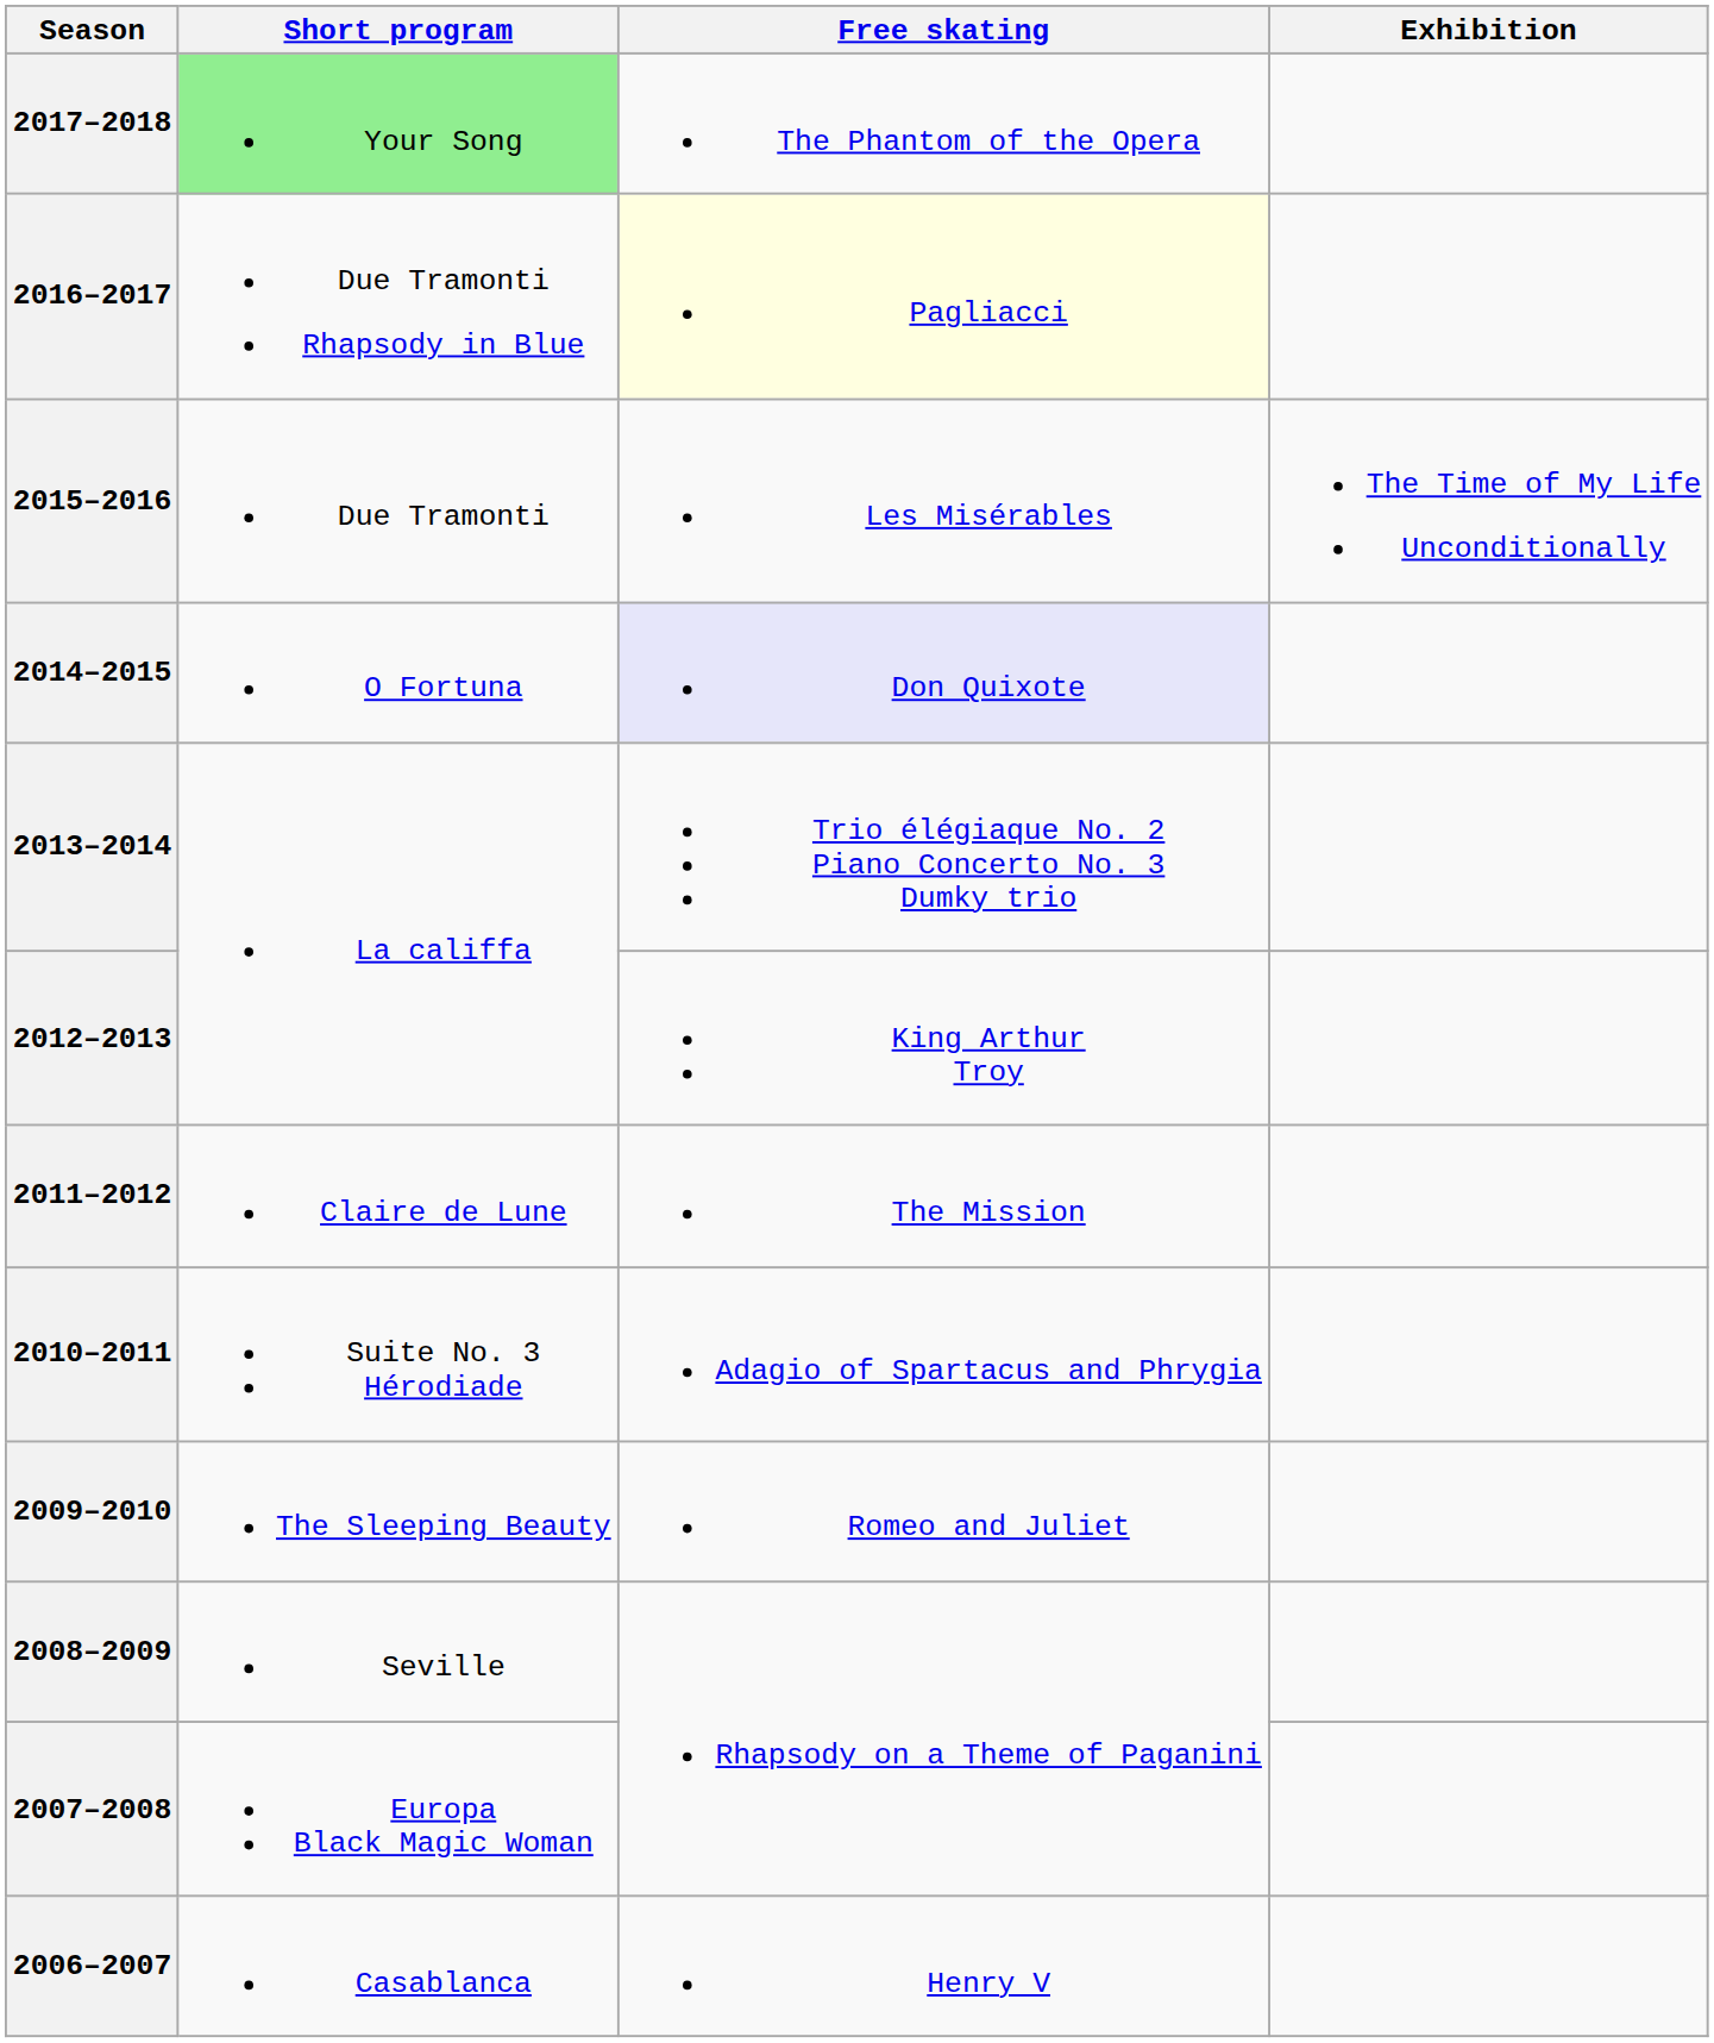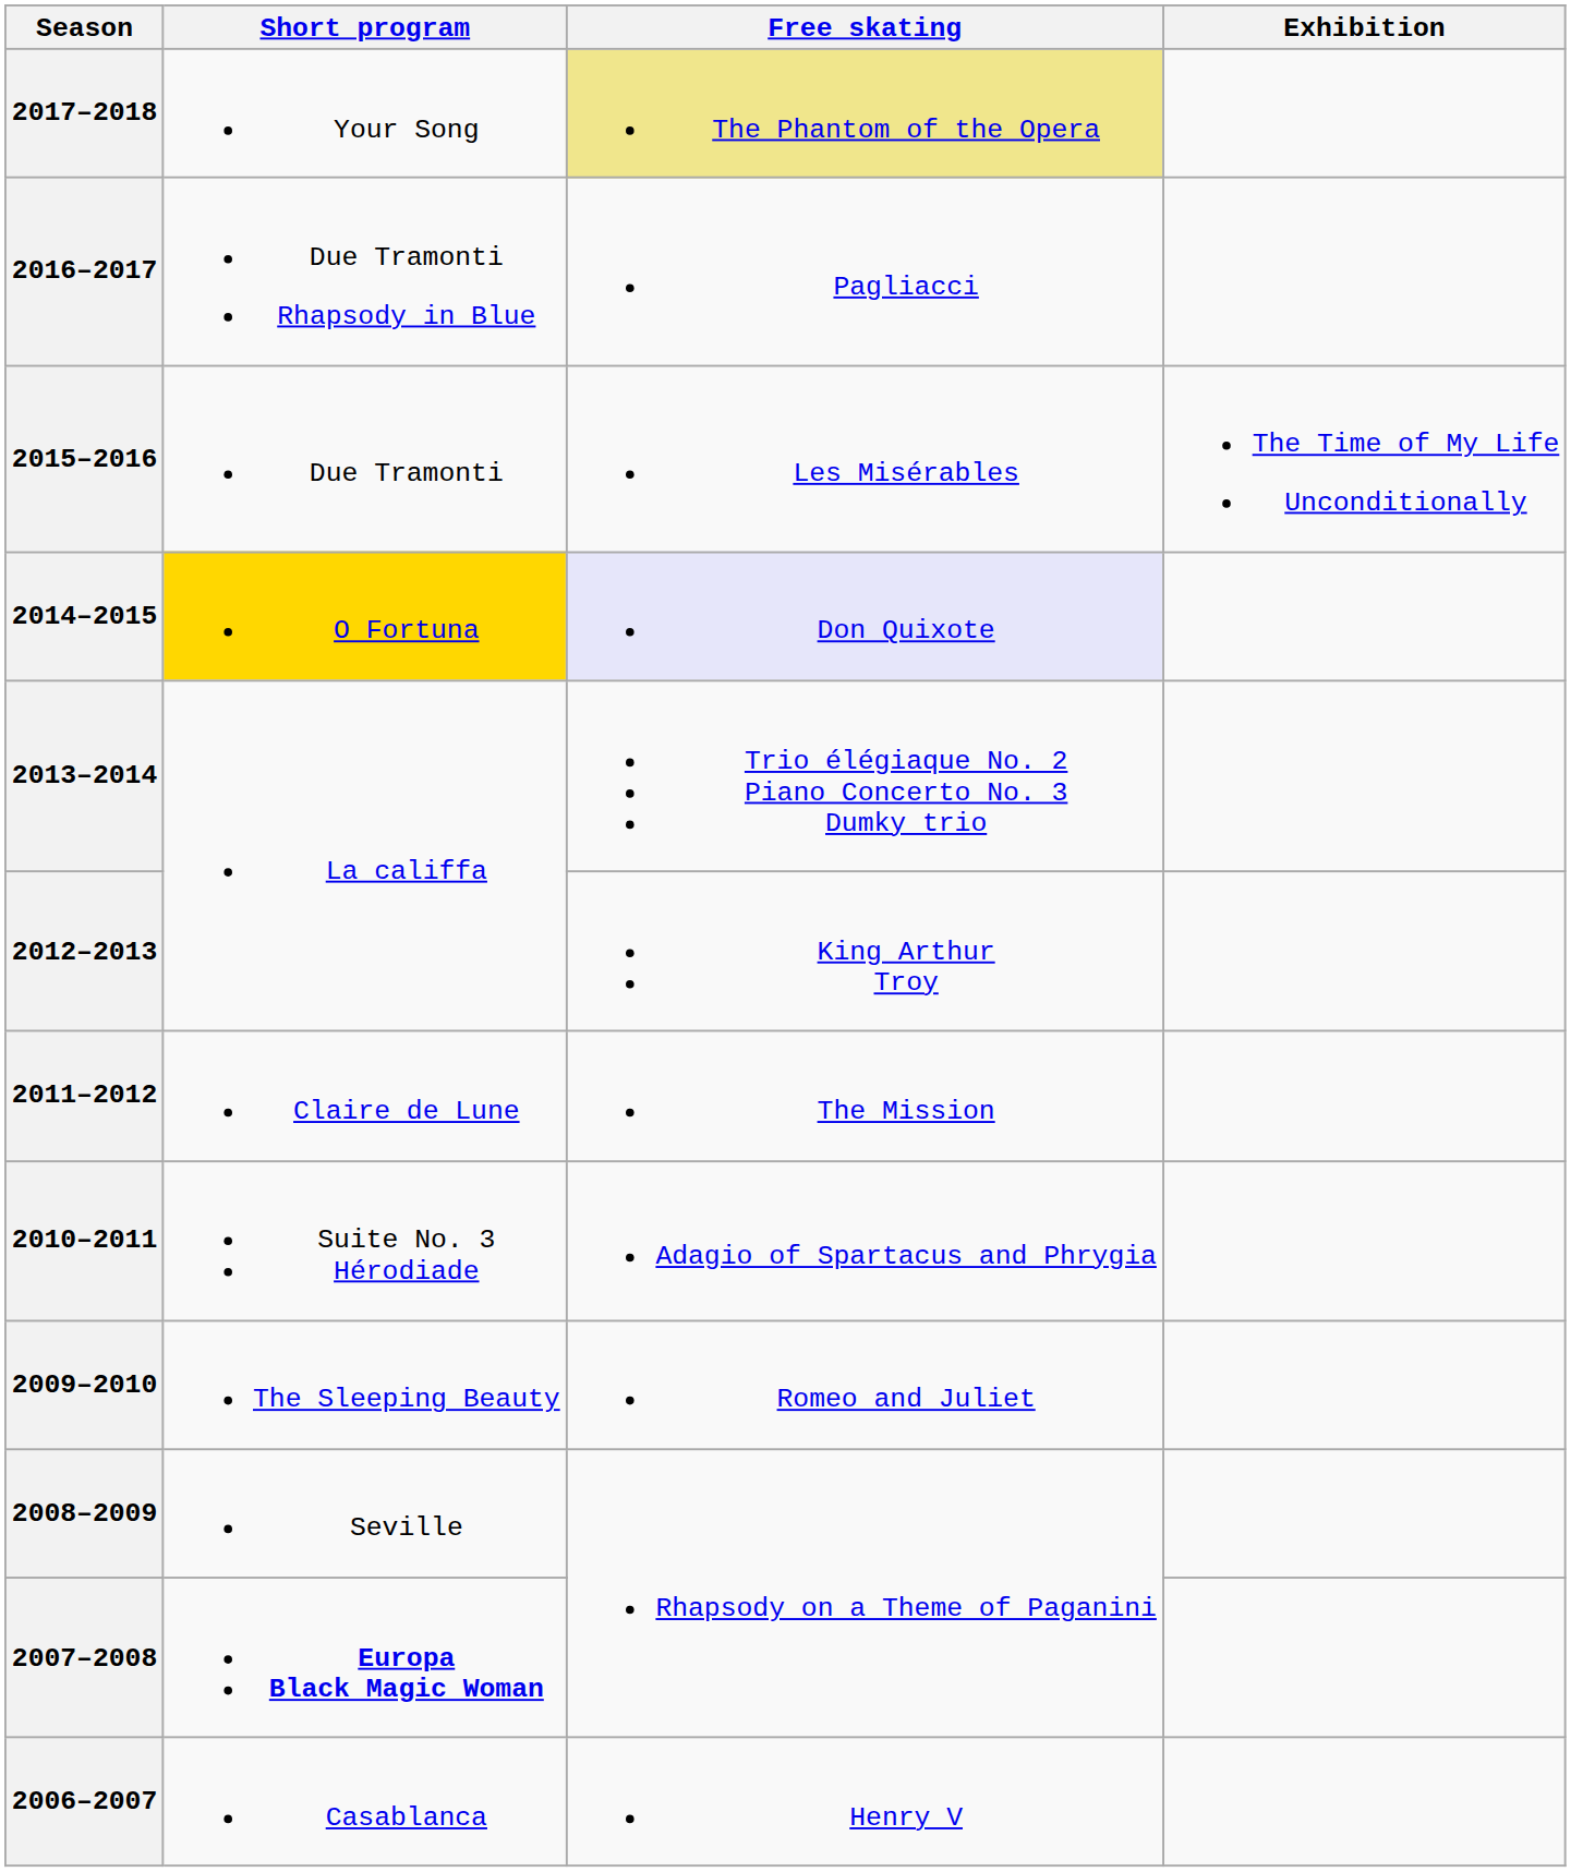 <table class="wikitable" style="text-align:center">
 <tr>
 <th>Season</th>
 <th><a href='#'>Short program</a></th>
 <th><a href='#'>Free skating</a></th>
 <th>Exhibition</th>
 </tr>
 <tr>
 <th>2017–2018 <br></th>
-<td style="background: lightgreen;"><br><ul><li>Your Song <br></li></ul></td>
-<td><br><ul><li><a href='#'>The Phantom of the Opera</a> <br></li></ul></td>
+<td><br><ul><li>Your Song <br></li></ul></td>
+<td style="background: khaki;"><br><ul><li><a href='#'>The Phantom of the Opera</a> <br></li></ul></td>
 <td></td>
 </tr>
 <tr>
 <th>2016–2017 <br> </th>
 <td><br><ul><li>Due Tramonti <br></li></ul><ul><li><a href='#'>Rhapsody in Blue</a> <br></li></ul></td>
-<td style="background: lightyellow;"><br><ul><li><a href='#'>Pagliacci</a> <br></li></ul></td>
+<td><br><ul><li><a href='#'>Pagliacci</a> <br></li></ul></td>
 <td></td>
 </tr>
 <tr>
 <th>2015–2016 <br> </th>
 <td><br><ul><li>Due Tramonti <br></li></ul></td>
 <td><br><ul><li><a href='#'>Les Misérables</a> <br></li></ul></td>
 <td><br><ul><li><a href='#'>The Time of My Life</a> <br></li></ul><ul><li><a href='#'>Unconditionally</a> <br></li></ul></td>
 </tr>
 <tr>
 <th>2014–2015 <br> </th>
-<td><br><ul><li><a href='#'>O Fortuna</a> <br></li></ul></td>
+<td style="background: gold;"><br><ul><li><a href='#'>O Fortuna</a> <br></li></ul></td>
 <td style="background: lavender;"><br><ul><li><a href='#'>Don Quixote</a> <br></li></ul></td>
 <td></td>
 </tr>
 <tr>
 <th>2013–2014 <br> </th>
 <td rowspan=2><br><ul><li><a href='#'>La califfa</a> <br></li></ul></td>
 <td><br><ul><li><a href='#'>Trio élégiaque No. 2</a> <br></li><li><a href='#'>Piano Concerto No. 3</a> <br></li><li><a href='#'>Dumky trio</a> <br></li></ul></td>
 <td></td>
 </tr>
 <tr>
 <th>2012–2013 <br> </th>
 <td><br><ul><li><a href='#'>King Arthur</a> <br></li><li><a href='#'>Troy</a> <br></li></ul></td>
 <td></td>
 </tr>
 <tr>
 <th>2011–2012 <br> </th>
 <td><br><ul><li><a href='#'>Claire de Lune</a> <br></li></ul></td>
 <td><br><ul><li><a href='#'>The Mission</a> <br></li></ul></td>
 <td></td>
 </tr>
 <tr>
 <th>2010–2011 <br> </th>
 <td><br><ul><li>Suite No. 3 <br></li><li><a href='#'>Hérodiade</a> <br></li></ul></td>
 <td><br><ul><li><a href='#'>Adagio of Spartacus and Phrygia</a> <br></li></ul></td>
 <td></td>
 </tr>
 <tr>
 <th>2009–2010 <br> </th>
 <td><br><ul><li><a href='#'>The Sleeping Beauty</a> <br></li></ul></td>
 <td><br><ul><li><a href='#'>Romeo and Juliet</a> <br></li></ul></td>
 <td></td>
 </tr>
 <tr>
 <th>2008–2009 <br> </th>
 <td><br><ul><li>Seville <br></li></ul></td>
 <td rowspan=2><br><ul><li><a href='#'>Rhapsody on a Theme of Paganini</a> <br></li></ul></td>
 <td></td>
 </tr>
 <tr>
 <th>2007–2008 <br> </th>
-<td><br><ul><li><a href='#'>Europa</a> <br></li><li><a href='#'>Black Magic Woman</a> <br></li></ul></td>
+<td><strong><br><ul><li><a href='#'>Europa</a> <br></li><li><a href='#'>Black Magic Woman</a> <br></li></ul></strong></td>
 <td></td>
 </tr>
 <tr>
 <th>2006–2007 <br> </th>
 <td><br><ul><li><a href='#'>Casablanca</a> <br></li></ul></td>
 <td><br><ul><li><a href='#'>Henry V</a> <br></li></ul></td>
 <td></td>
 </tr>
 </table>
